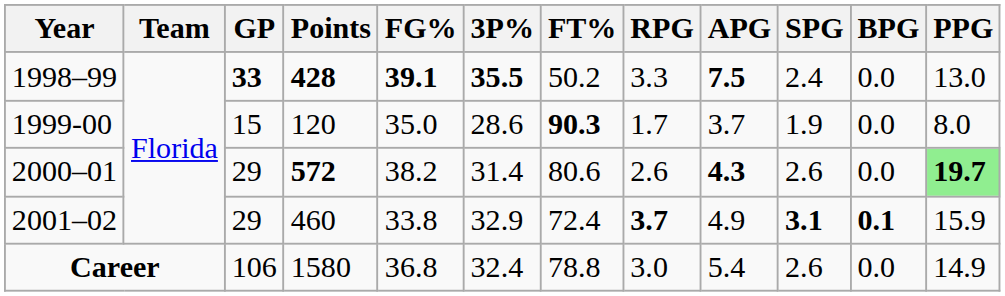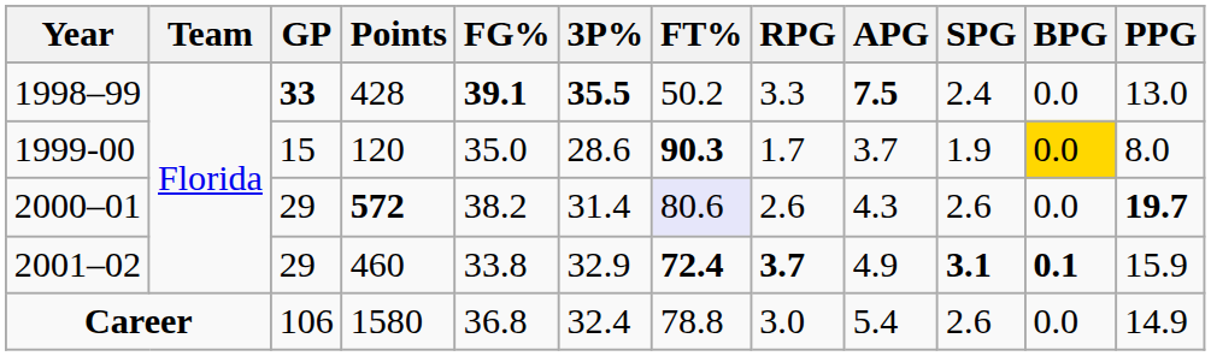 <table class="wikitable sortable">
 <tr>
 <th>Year</th>
 <th>Team</th>
 <th>GP</th>
 <th>Points</th>
 <th>FG%</th>
 <th>3P%</th>
 <th>FT%</th>
 <th>RPG</th>
 <th>APG</th>
 <th>SPG</th>
 <th>BPG</th>
 <th>PPG</th>
 </tr>
 <tr>
 <td>1998–99</td>
 <td rowspan=4><a href='#'>Florida</a></td>
 <td><strong>33</strong></td>
-<td><strong>428</strong></td>
+<td>428</td>
 <td><strong>39.1</strong></td>
 <td><strong>35.5</strong></td>
 <td>50.2</td>
 <td>3.3</td>
 <td><strong>7.5</strong></td>
 <td>2.4</td>
 <td>0.0</td>
 <td>13.0</td>
 </tr>
 <tr>
 <td>1999-00</td>
 <td>15</td>
 <td>120</td>
 <td>35.0</td>
 <td>28.6</td>
 <td><strong>90.3</strong></td>
 <td>1.7</td>
 <td>3.7</td>
 <td>1.9</td>
-<td>0.0</td>
+<td style="background: gold;">0.0</td>
 <td>8.0</td>
 </tr>
 <tr>
 <td>2000–01</td>
 <td>29</td>
 <td><strong>572</strong></td>
 <td>38.2</td>
 <td>31.4</td>
-<td>80.6</td>
+<td style="background: lavender;">80.6</td>
 <td>2.6</td>
-<td><strong>4.3</strong></td>
+<td>4.3</td>
 <td>2.6</td>
 <td>0.0</td>
-<td style="background: lightgreen;"><strong>19.7</strong></td>
+<td><strong>19.7</strong></td>
 </tr>
 <tr>
 <td>2001–02</td>
 <td>29</td>
 <td>460</td>
 <td>33.8</td>
 <td>32.9</td>
-<td>72.4</td>
+<td><strong>72.4</strong></td>
 <td><strong>3.7</strong></td>
 <td>4.9</td>
 <td><strong>3.1</strong></td>
 <td><strong>0.1</strong></td>
 <td>15.9</td>
 </tr>
 <tr class="sortbottom">
 <td align=center colspan=2><strong>Career</strong></td>
 <td>106</td>
 <td>1580</td>
 <td>36.8</td>
 <td>32.4</td>
 <td>78.8</td>
 <td>3.0</td>
 <td>5.4</td>
 <td>2.6</td>
 <td>0.0</td>
 <td>14.9</td>
 </tr>
 </table>
